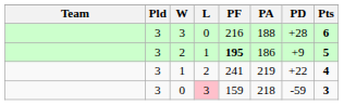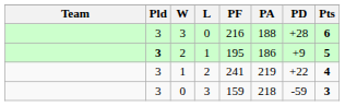 <table class=wikitable>
 <tr align=center>
 </tr>
 <tr>
 <th width=180>Team</th>
 <th width=25>Pld</th>
 <th width=25>W</th>
 <th width=25>L</th>
 <th width=35>PF</th>
 <th width=35>PA</th>
 <th width=35>PD</th>
 <th width=25>Pts</th>
 </tr>
 <tr align=center bgcolor="#ccffcc">
 <td align=left></td>
 <td>3</td>
 <td>3</td>
 <td>0</td>
 <td>216</td>
 <td>188</td>
 <td>+28</td>
 <td><strong>6</strong></td>
 </tr>
 <tr align=center  bgcolor="#ccffcc">
 <td align=left></td>
-<td>3</td>
+<td><strong>3</strong></td>
 <td>2</td>
 <td>1</td>
-<td><strong>195</strong></td>
+<td>195</td>
 <td>186</td>
 <td>+9</td>
 <td><strong>5</strong></td>
 </tr>
 <tr align=center>
 <td align=left></td>
 <td>3</td>
 <td>1</td>
 <td>2</td>
 <td>241</td>
 <td>219</td>
 <td>+22</td>
 <td><strong>4</strong></td>
 </tr>
 <tr align=center>
 <td align=left></td>
 <td>3</td>
 <td>0</td>
-<td style="background: pink;">3</td>
+<td>3</td>
 <td>159</td>
 <td>218</td>
 <td>-59</td>
 <td><strong>3</strong></td>
 </tr>
 </table>
